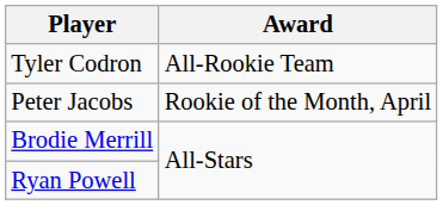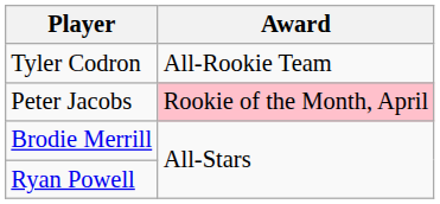 <table class="wikitable">
 <tr>
 <th>Player</th>
 <th>Award</th>
 </tr>
 <tr>
 <td>Tyler Codron</td>
 <td>All-Rookie Team</td>
 </tr>
 <tr>
 <td>Peter Jacobs</td>
-<td>Rookie of the Month, April</td>
+<td style="background: pink;">Rookie of the Month, April</td>
 </tr>
 <tr>
 <td><a href='#'>Brodie Merrill</a></td>
 <td rowspan=2>All-Stars</td>
 </tr>
 <tr>
 <td><a href='#'>Ryan Powell</a></td>
 </tr>
 </table>
